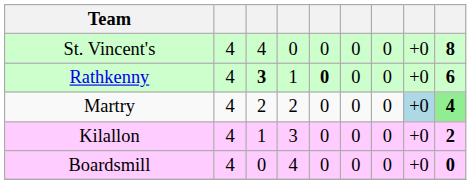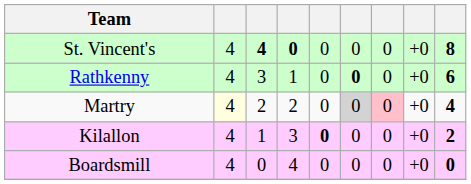 <table class="wikitable" style="text-align:center">
 <tr>
 <th width="175">Team</th>
 <th width="20"></th>
 <th width="20"></th>
 <th width="20"></th>
 <th width="20"></th>
 <th width="20"></th>
 <th width="20"></th>
 <th width="20"></th>
 <th width="20"></th>
 </tr>
 <tr style="background:#cfc;">
 <td>St. Vincent's</td>
 <td>4</td>
-<td>4</td>
-<td>0</td>
+<td><strong>4</strong></td>
+<td><strong>0</strong></td>
 <td>0</td>
 <td>0</td>
 <td>0</td>
 <td>+0</td>
 <td><strong>8</strong></td>
 </tr>
 <tr style="background:#cfc;">
 <td><a href='#'>Rathkenny</a></td>
 <td>4</td>
-<td><strong>3</strong></td>
+<td>3</td>
 <td>1</td>
+<td>0</td>
 <td><strong>0</strong></td>
-<td>0</td>
 <td>0</td>
 <td>+0</td>
 <td><strong>6</strong></td>
 </tr>
 <tr>
 <td>Martry</td>
-<td>4</td>
+<td style="background: lightyellow;">4</td>
 <td>2</td>
 <td>2</td>
 <td>0</td>
-<td>0</td>
-<td>0</td>
-<td style="background: lightblue;">+0</td>
-<td style="background: lightgreen;"><strong>4</strong></td>
+<td style="background: lightgrey;">0</td>
+<td style="background: pink;">0</td>
+<td>+0</td>
+<td><strong>4</strong></td>
 </tr>
 <tr style="background:#fcf;">
 <td>Kilallon</td>
 <td>4</td>
 <td>1</td>
 <td>3</td>
-<td>0</td>
+<td><strong>0</strong></td>
 <td>0</td>
 <td>0</td>
 <td>+0</td>
 <td><strong>2</strong></td>
 </tr>
 <tr style="background:#fcf;">
 <td>Boardsmill</td>
 <td>4</td>
 <td>0</td>
 <td>4</td>
 <td>0</td>
 <td>0</td>
 <td>0</td>
 <td>+0</td>
 <td><strong>0</strong></td>
 </tr>
 <tr>
 </tr>
 </table>
